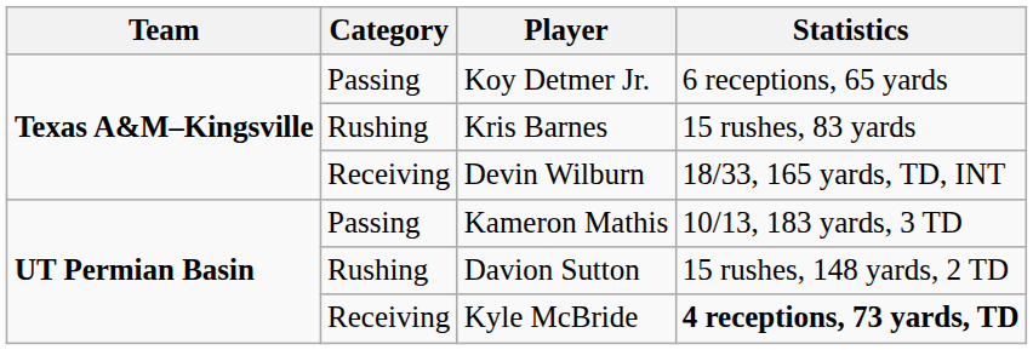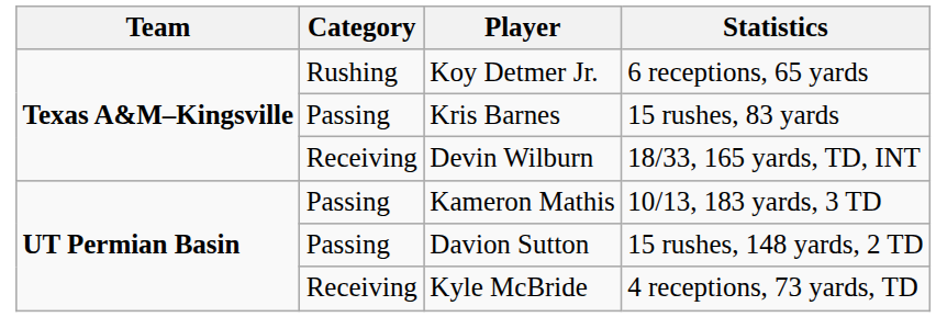 <table class="wikitable" style="float: right;">
 <tr>
 <th>Team</th>
 <th>Category</th>
 <th>Player</th>
 <th>Statistics</th>
 </tr>
 <tr>
 <td rowspan=3><strong>Texas A&M–Kingsville</strong></td>
-<td>Passing</td>
+<td>Rushing</td>
 <td>Koy Detmer Jr.</td>
 <td>6 receptions, 65 yards</td>
 </tr>
 <tr>
-<td>Rushing</td>
+<td>Passing</td>
 <td>Kris Barnes</td>
 <td>15 rushes, 83 yards</td>
 </tr>
 <tr>
 <td>Receiving</td>
 <td>Devin Wilburn</td>
 <td>18/33, 165 yards, TD, INT</td>
 </tr>
 <tr>
 <td rowspan=3><strong>UT Permian Basin</strong></td>
 <td>Passing</td>
 <td>Kameron Mathis</td>
 <td>10/13, 183 yards, 3 TD</td>
 </tr>
 <tr>
-<td>Rushing</td>
+<td>Passing</td>
 <td>Davion Sutton</td>
 <td>15 rushes, 148 yards, 2 TD</td>
 </tr>
 <tr>
 <td>Receiving</td>
 <td>Kyle McBride</td>
-<td><strong>4 receptions, 73 yards, TD</strong></td>
+<td>4 receptions, 73 yards, TD</td>
 </tr>
 </table>
